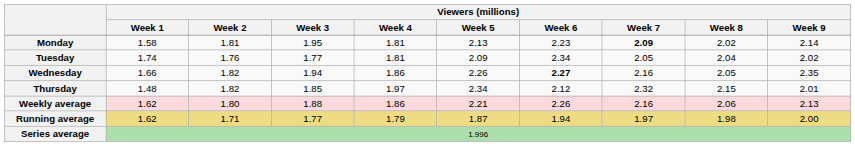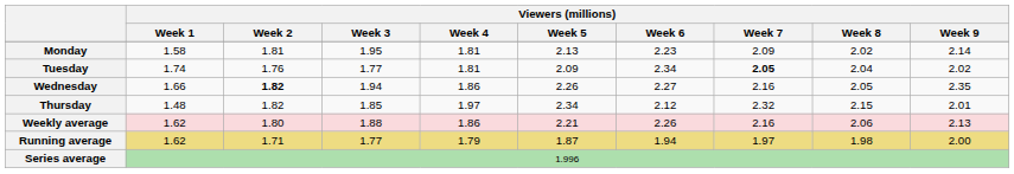 <table class="wikitable" style="font-size:90%; text-align:center; width: 100%; margin-left: auto; margin-right: auto;">
 <tr>
 <th scope="col" rowspan="2" style="width:12%;"></th>
 <th scope=col colspan=9>Viewers (millions)</th>
 </tr>
 <tr>
 <th>Week 1</th>
 <th>Week 2</th>
 <th>Week 3</th>
 <th>Week 4</th>
 <th>Week 5</th>
 <th>Week 6</th>
 <th>Week 7</th>
 <th>Week 8</th>
 <th>Week 9</th>
 </tr>
 <tr>
 </tr>
 <tr>
 <th>Monday</th>
 <td>1.58</td>
 <td>1.81</td>
 <td>1.95</td>
 <td>1.81</td>
 <td>2.13</td>
 <td>2.23</td>
-<td><strong>2.09</strong></td>
+<td>2.09</td>
 <td>2.02</td>
 <td>2.14</td>
 </tr>
 <tr>
 <th>Tuesday</th>
 <td>1.74</td>
 <td>1.76</td>
 <td>1.77</td>
 <td>1.81</td>
 <td>2.09</td>
 <td>2.34</td>
-<td>2.05</td>
+<td><strong>2.05</strong></td>
 <td>2.04</td>
 <td>2.02</td>
 </tr>
 <tr>
 <th>Wednesday</th>
 <td>1.66</td>
-<td>1.82</td>
+<td><strong>1.82</strong></td>
 <td>1.94</td>
 <td>1.86</td>
 <td>2.26</td>
-<td><strong>2.27</strong></td>
+<td>2.27</td>
 <td>2.16</td>
 <td>2.05</td>
 <td>2.35</td>
 </tr>
 <tr>
 <th>Thursday</th>
 <td>1.48</td>
 <td>1.82</td>
 <td>1.85</td>
 <td>1.97</td>
 <td>2.34</td>
 <td>2.12</td>
 <td>2.32</td>
 <td>2.15</td>
 <td>2.01</td>
 </tr>
 <tr>
 <th>Weekly average</th>
 <td style="background:#FADADD;">1.62</td>
 <td style="background:#FADADD;">1.80</td>
 <td style="background:#FADADD;">1.88</td>
 <td style="background:#FADADD;">1.86</td>
 <td style="background:#FADADD;">2.21</td>
 <td style="background:#FADADD;">2.26</td>
 <td style="background:#FADADD;">2.16</td>
 <td style="background:#FADADD;">2.06</td>
 <td style="background:#FADADD;">2.13</td>
 </tr>
 <tr>
 <th>Running average</th>
 <td style="background:#EEDC82;">1.62</td>
 <td style="background:#EEDC82;">1.71</td>
 <td style="background:#EEDC82;">1.77</td>
 <td style="background:#EEDC82;">1.79</td>
 <td style="background:#EEDC82;">1.87</td>
 <td style="background:#EEDC82;">1.94</td>
 <td style="background:#EEDC82;">1.97</td>
 <td style="background:#EEDC82;">1.98</td>
 <td style="background:#EEDC82;">2.00</td>
 </tr>
 <tr>
 <th>Series average</th>
 <td colspan="9" style="background:#ADDFAD;"><small>1.996</small></td>
 </tr>
 </table>
